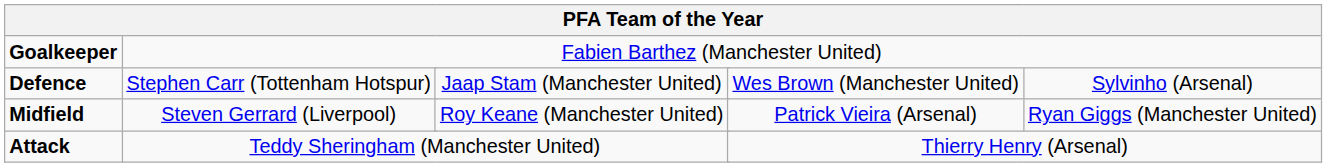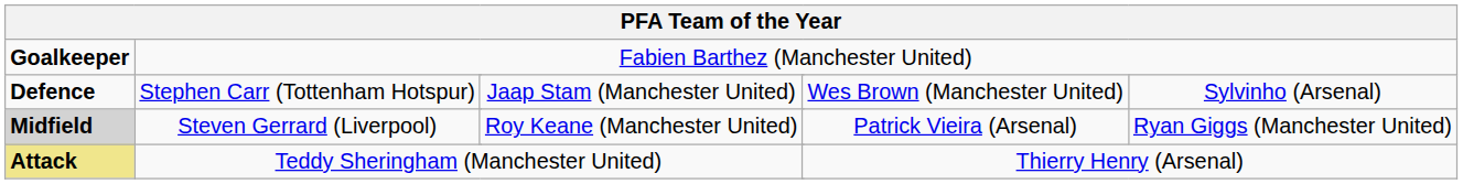 <table class="wikitable">
 <tr>
 <th colspan="13">PFA Team of the Year</th>
 </tr>
 <tr>
 <td><strong>Goalkeeper</strong></td>
 <td colspan="12" align="center"> <a href='#'>Fabien Barthez</a> (Manchester United)</td>
 </tr>
 <tr>
 <td><strong>Defence</strong></td>
 <td colspan="3" align="center"> <a href='#'>Stephen Carr</a> (Tottenham Hotspur)</td>
 <td colspan="3" align="center"> <a href='#'>Jaap Stam</a> (Manchester United)</td>
 <td colspan="3" align="center"> <a href='#'>Wes Brown</a> (Manchester United)</td>
 <td colspan="3" align="center"> <a href='#'>Sylvinho</a> (Arsenal)</td>
 </tr>
 <tr>
-<td><strong>Midfield</strong></td>
+<td style="background: lightgrey;"><strong>Midfield</strong></td>
 <td colspan="3" align="center"> <a href='#'>Steven Gerrard</a> (Liverpool)</td>
 <td colspan="3" align="center"> <a href='#'>Roy Keane</a> (Manchester United)</td>
 <td colspan="3" align="center"> <a href='#'>Patrick Vieira</a> (Arsenal)</td>
 <td colspan="3" align="center"> <a href='#'>Ryan Giggs</a> (Manchester United)</td>
 </tr>
 <tr>
-<td><strong>Attack</strong></td>
+<td style="background: khaki;"><strong>Attack</strong></td>
 <td colspan="6" align="center"> <a href='#'>Teddy Sheringham</a> (Manchester United)</td>
 <td colspan="6" align="center"> <a href='#'>Thierry Henry</a> (Arsenal)</td>
 </tr>
 </table>
